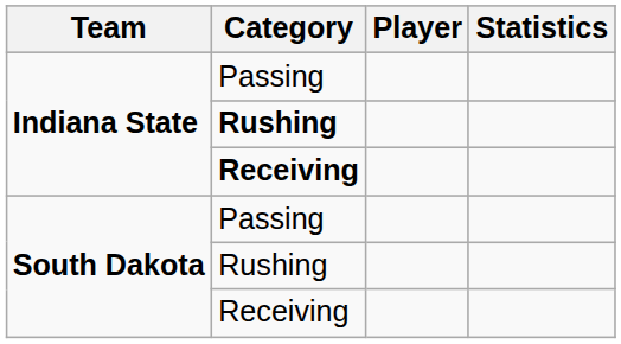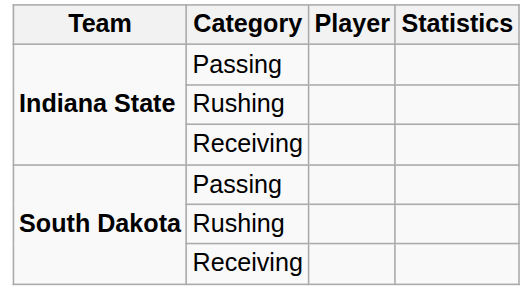 <table class="wikitable" style="float: right;">
 <tr>
 <th>Team</th>
 <th>Category</th>
 <th>Player</th>
 <th>Statistics</th>
 </tr>
 <tr>
 <td rowspan=3><strong>Indiana State</strong></td>
 <td>Passing</td>
 <td></td>
 <td></td>
 </tr>
 <tr>
-<td><strong>Rushing</strong></td>
+<td>Rushing</td>
 <td></td>
 <td></td>
 </tr>
 <tr>
-<td><strong>Receiving</strong></td>
+<td>Receiving</td>
 <td></td>
 <td></td>
 </tr>
 <tr>
 <td rowspan=3><strong>South Dakota</strong></td>
 <td>Passing</td>
 <td></td>
 <td></td>
 </tr>
 <tr>
 <td>Rushing</td>
 <td></td>
 <td></td>
 </tr>
 <tr>
 <td>Receiving</td>
 <td></td>
 <td></td>
 </tr>
 </table>
